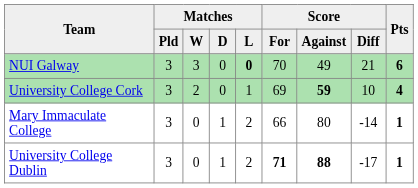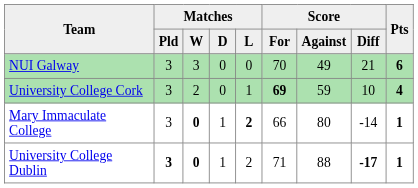 <table style=border-collapse:collapse border=1 cellspacing=0 cellpadding=5>
 <tr align=center bgcolor=#efefef>
 <th rowspan=2 width=165>Team</th>
 <th colspan=4>Matches</th>
 <th colspan=3>Score</th>
 <th rowspan=2width=20>Pts</th>
 </tr>
 <tr align=center bgcolor=#efefef>
 <th width=20>Pld</th>
 <th width=20>W</th>
 <th width=20>D</th>
 <th width=20>L</th>
 <th width=30>For</th>
 <th width=30>Against</th>
 <th width=30>Diff</th>
 </tr>
 <tr align=center style="background:#ACE1AF;">
 <td style="text-align:left;"><a href='#'>NUI Galway</a></td>
 <td>3</td>
 <td>3</td>
 <td>0</td>
-<td><strong>0</strong></td>
+<td>0</td>
 <td>70</td>
 <td>49</td>
 <td>21</td>
 <td><strong>6</strong></td>
 </tr>
 <tr align=center style="background:#ACE1AF;">
 <td style="text-align:left;"><a href='#'>University College Cork</a></td>
 <td>3</td>
 <td>2</td>
 <td>0</td>
 <td>1</td>
-<td>69</td>
-<td><strong>59</strong></td>
+<td><strong>69</strong></td>
+<td>59</td>
 <td>10</td>
 <td><strong>4</strong></td>
 </tr>
 <tr align=center>
 <td style="text-align:left;"><a href='#'>Mary Immaculate College</a></td>
 <td>3</td>
-<td>0</td>
+<td><strong>0</strong></td>
 <td>1</td>
-<td>2</td>
+<td><strong>2</strong></td>
 <td>66</td>
 <td>80</td>
 <td>-14</td>
 <td><strong>1</strong></td>
 </tr>
 <tr align=center>
 <td style="text-align:left;"><a href='#'>University College Dublin</a></td>
-<td>3</td>
-<td>0</td>
+<td><strong>3</strong></td>
+<td><strong>0</strong></td>
 <td>1</td>
 <td>2</td>
-<td><strong>71</strong></td>
-<td><strong>88</strong></td>
-<td>-17</td>
+<td>71</td>
+<td>88</td>
+<td><strong>-17</strong></td>
 <td><strong>1</strong></td>
 </tr>
 </table>
